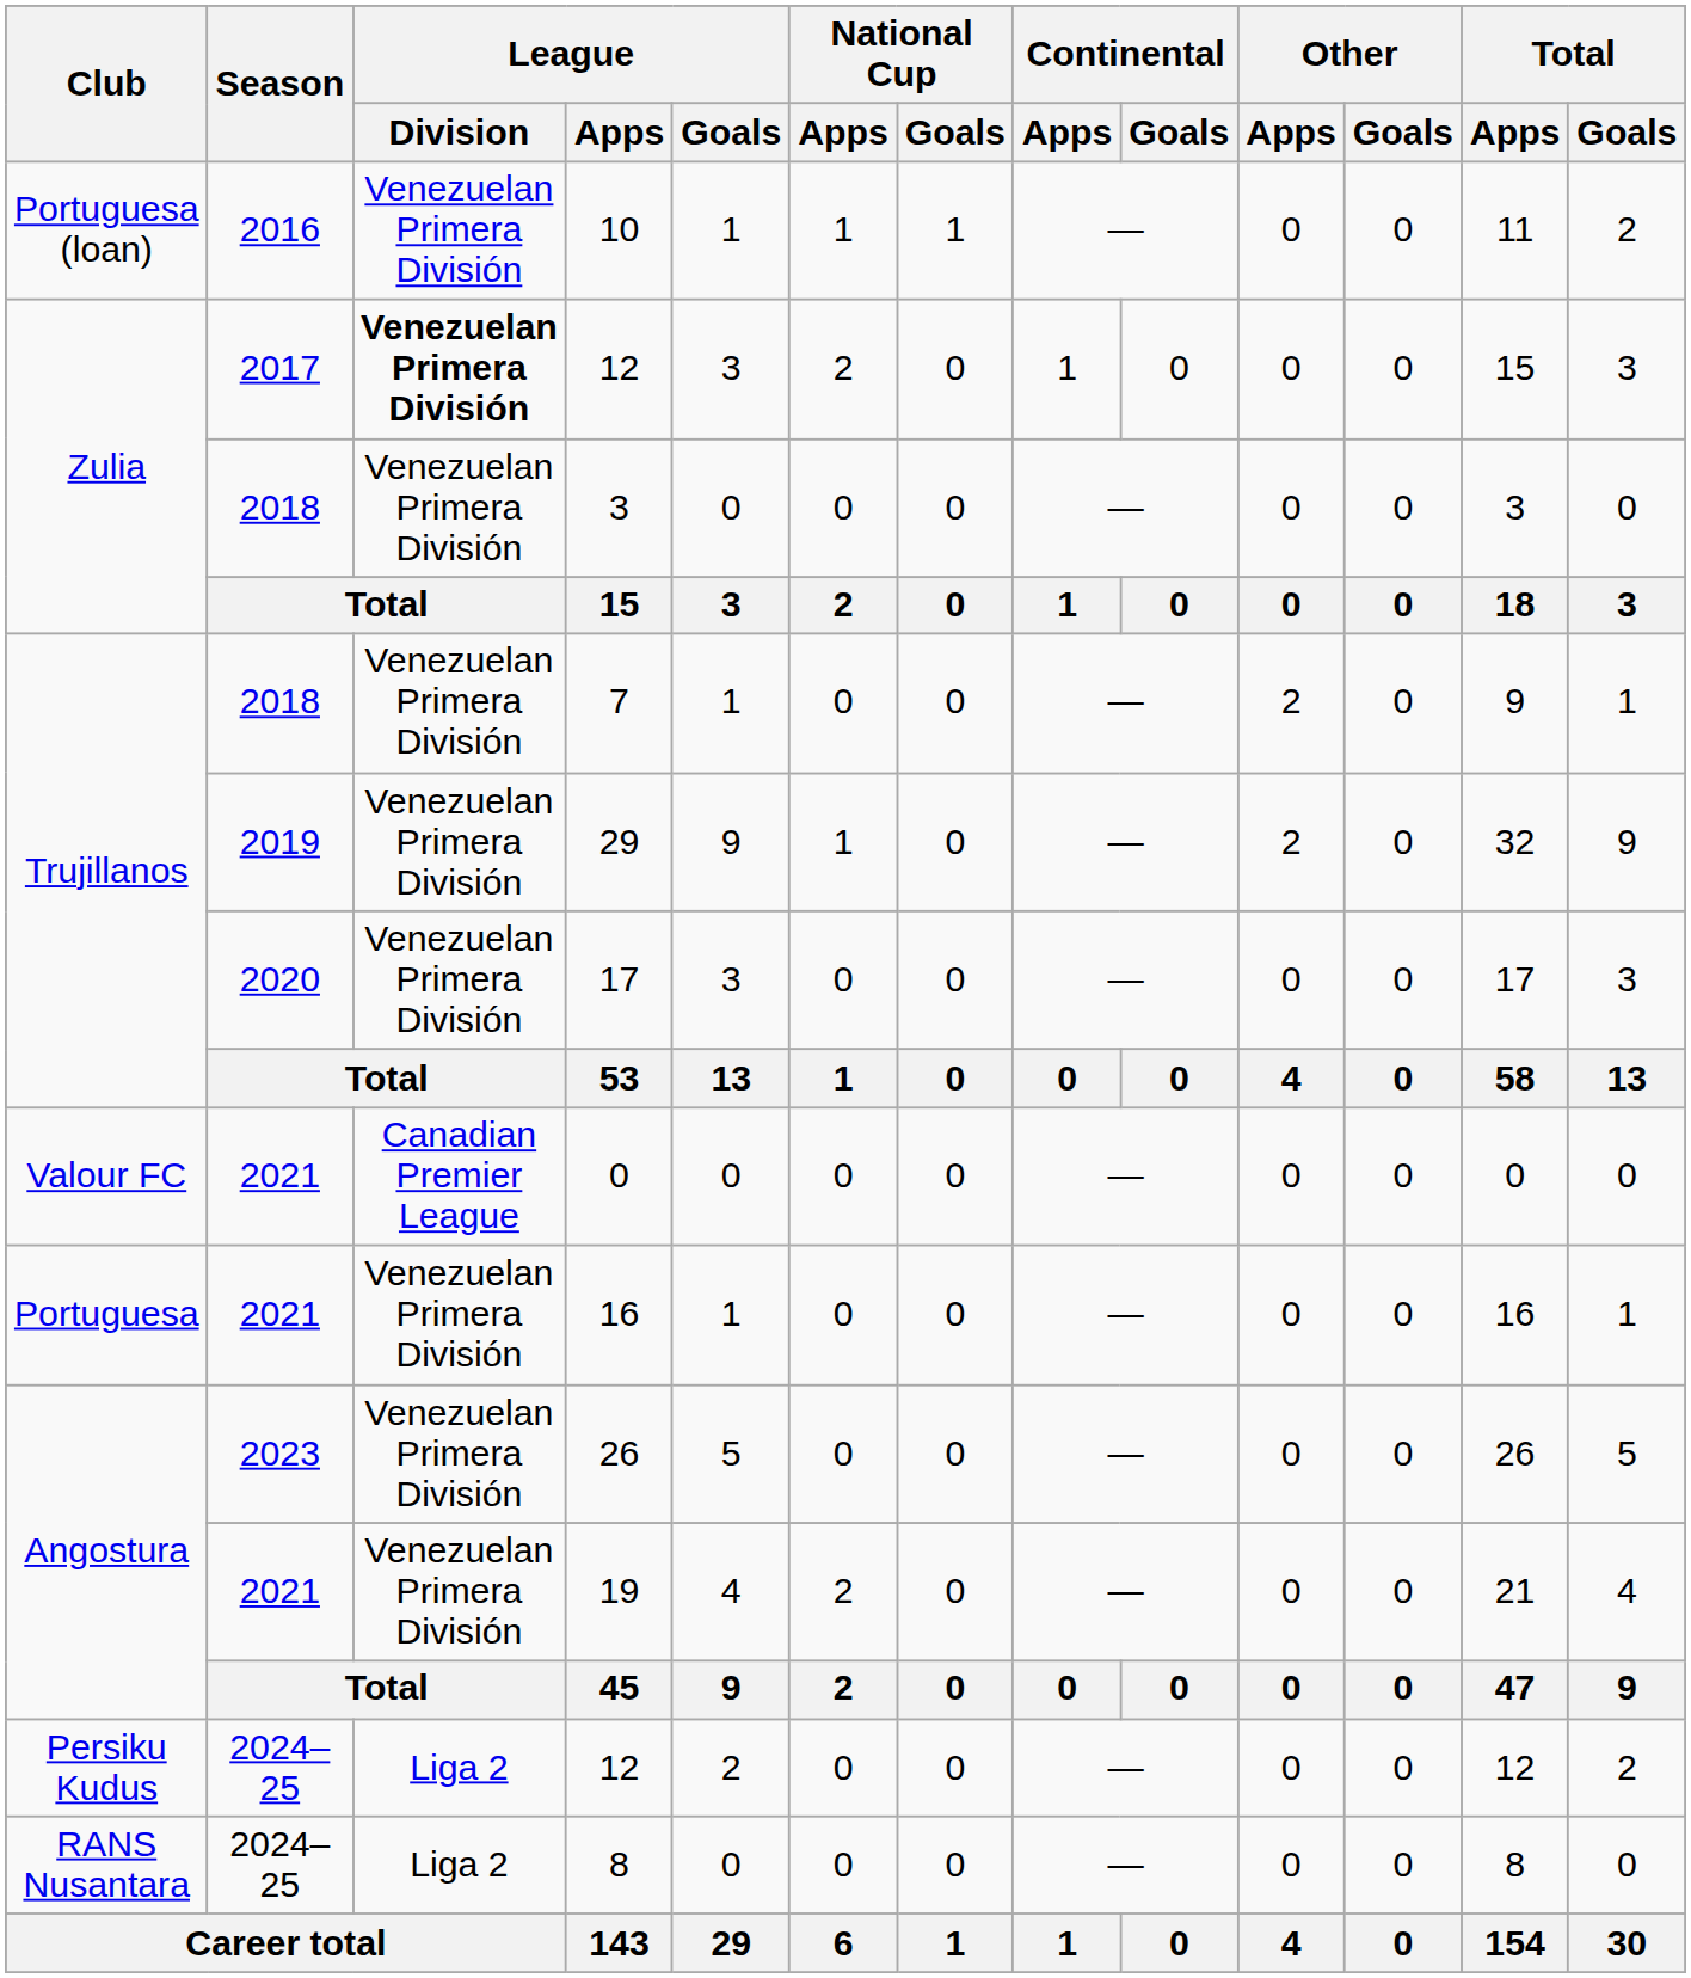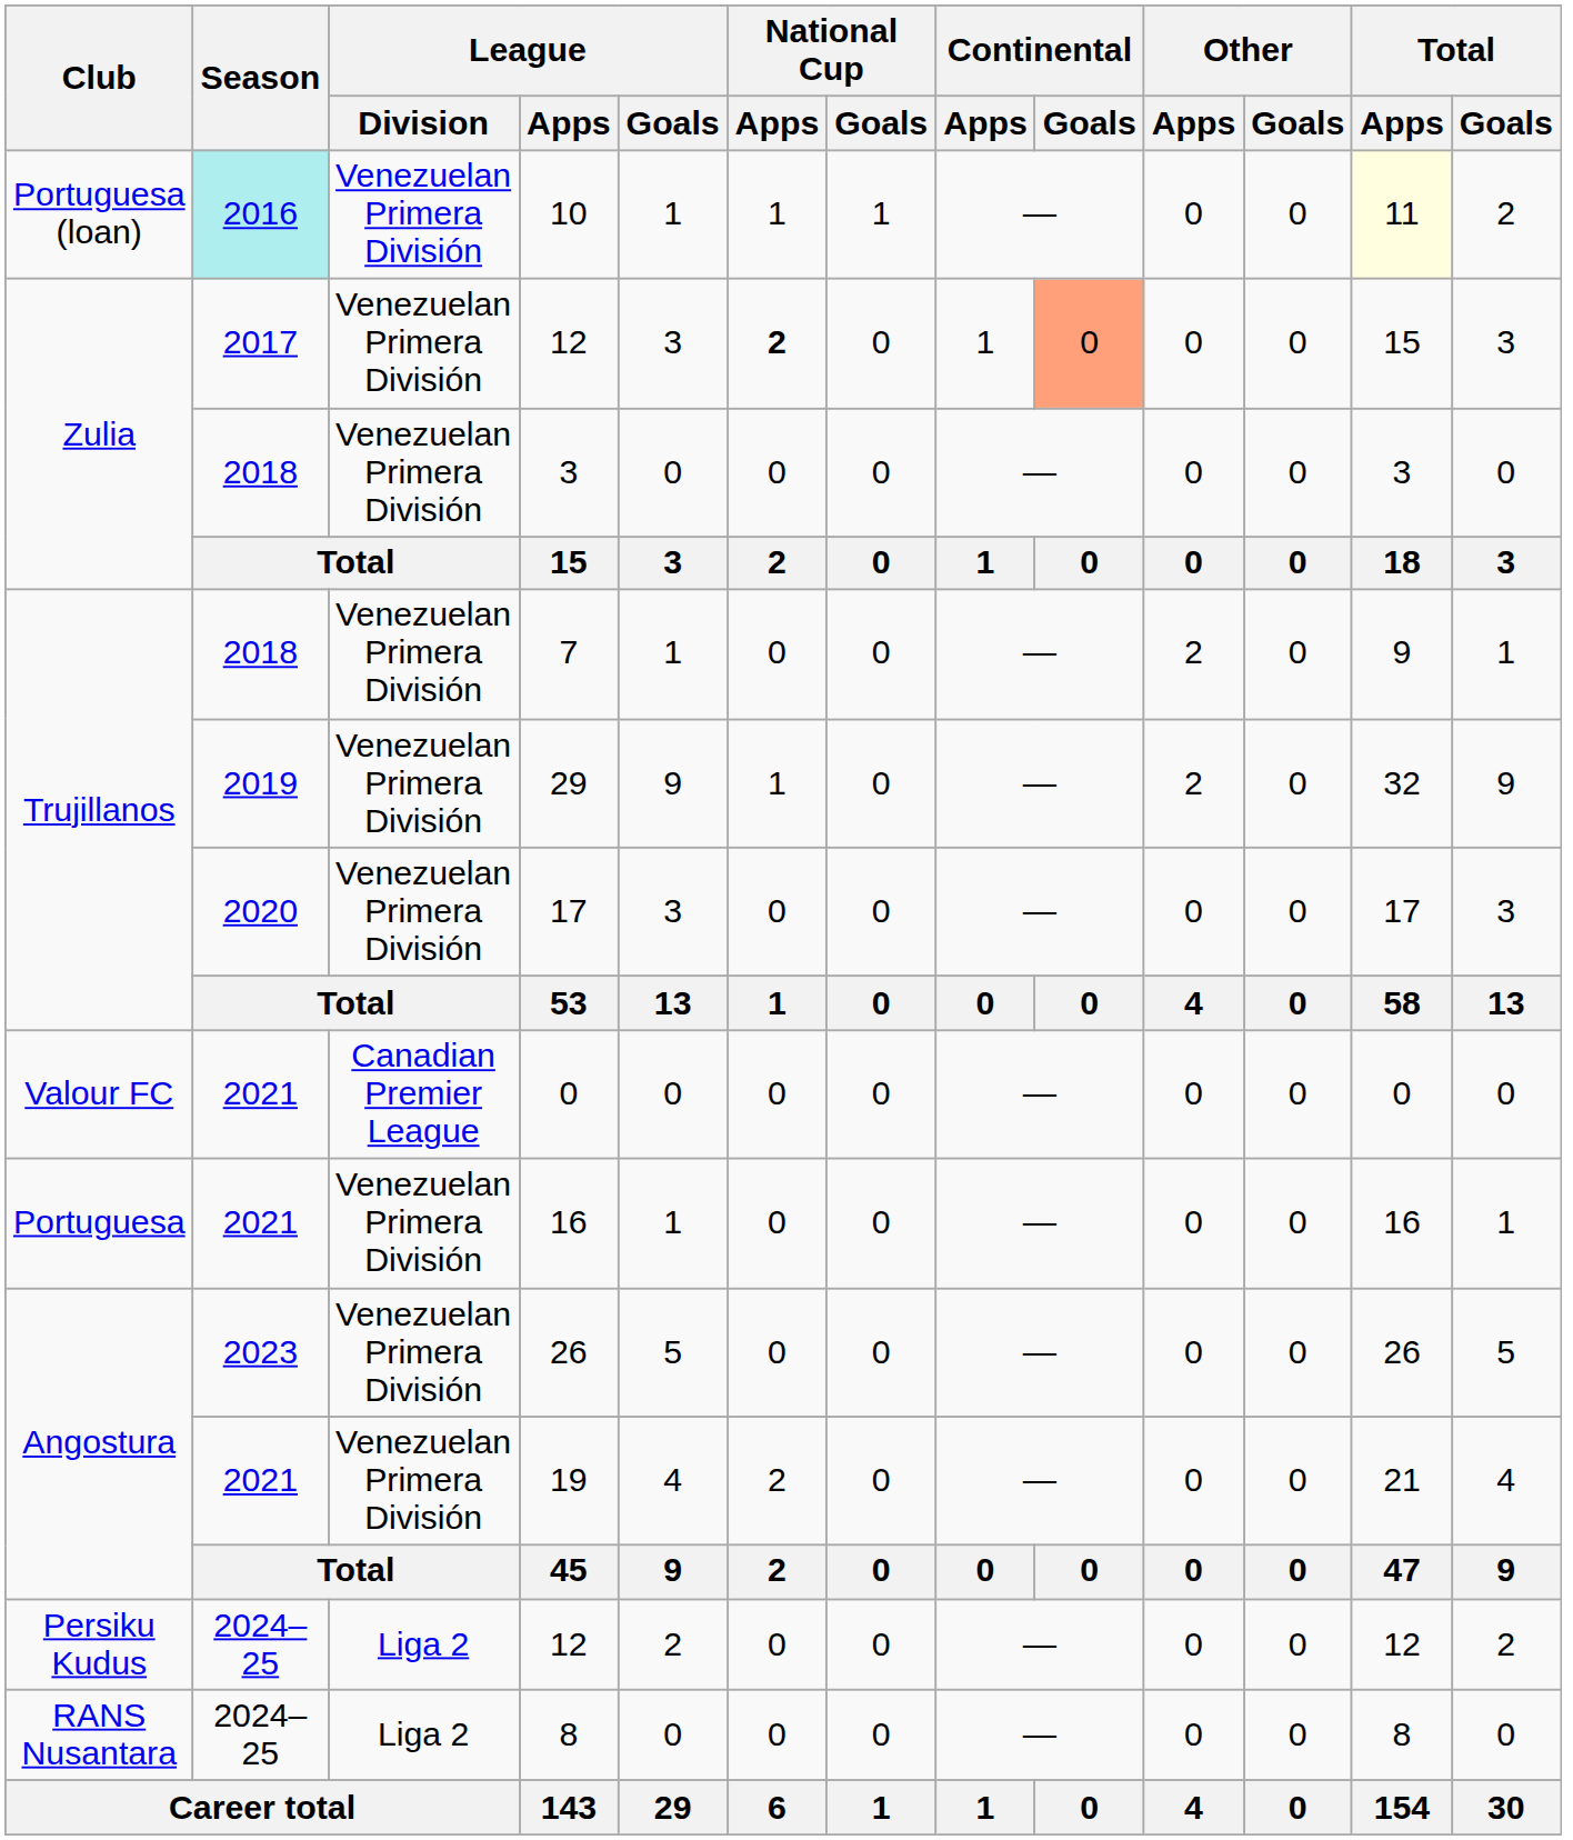 <table class="wikitable" style="text-align:center">
 <tr>
 <th rowspan="2">Club</th>
 <th rowspan="2">Season</th>
 <th colspan="3">League</th>
 <th colspan="2">National Cup</th>
 <th colspan="2">Continental</th>
 <th colspan="2">Other</th>
 <th colspan="2">Total</th>
 </tr>
 <tr>
 <th>Division</th>
 <th>Apps</th>
 <th>Goals</th>
 <th>Apps</th>
 <th>Goals</th>
 <th>Apps</th>
 <th>Goals</th>
 <th>Apps</th>
 <th>Goals</th>
 <th>Apps</th>
 <th>Goals</th>
 </tr>
 <tr>
 <td rowspan="1"><a href='#'>Portuguesa</a> (loan)</td>
-<td><a href='#'>2016</a></td>
+<td style="background: paleturquoise;"><a href='#'>2016</a></td>
 <td><a href='#'>Venezuelan Primera División</a></td>
 <td>10</td>
 <td>1</td>
 <td>1</td>
 <td>1</td>
 <td colspan="2">—</td>
 <td>0</td>
 <td>0</td>
-<td>11</td>
+<td style="background: lightyellow;">11</td>
 <td>2</td>
 </tr>
 <tr>
 <td rowspan="3"><a href='#'>Zulia</a></td>
 <td><a href='#'>2017</a></td>
-<td><strong>Venezuelan Primera División</strong></td>
+<td>Venezuelan Primera División</td>
 <td>12</td>
 <td>3</td>
-<td>2</td>
+<td><strong>2</strong></td>
 <td>0</td>
 <td>1</td>
-<td>0</td>
+<td style="background: lightsalmon;">0</td>
 <td>0</td>
 <td>0</td>
 <td>15</td>
 <td>3</td>
 </tr>
 <tr>
 <td><a href='#'>2018</a></td>
 <td>Venezuelan Primera División</td>
 <td>3</td>
 <td>0</td>
 <td>0</td>
 <td>0</td>
 <td colspan="2">—</td>
 <td>0</td>
 <td>0</td>
 <td>3</td>
 <td>0</td>
 </tr>
 <tr>
 <th colspan="2">Total</th>
 <th>15</th>
 <th>3</th>
 <th>2</th>
 <th>0</th>
 <th>1</th>
 <th>0</th>
 <th>0</th>
 <th>0</th>
 <th>18</th>
 <th>3</th>
 </tr>
 <tr>
 <td rowspan="4"><a href='#'>Trujillanos</a></td>
 <td><a href='#'>2018</a></td>
 <td>Venezuelan Primera División</td>
 <td>7</td>
 <td>1</td>
 <td>0</td>
 <td>0</td>
 <td colspan="2">—</td>
 <td>2</td>
 <td>0</td>
 <td>9</td>
 <td>1</td>
 </tr>
 <tr>
 <td><a href='#'>2019</a></td>
 <td>Venezuelan Primera División</td>
 <td>29</td>
 <td>9</td>
 <td>1</td>
 <td>0</td>
 <td colspan="2">—</td>
 <td>2</td>
 <td>0</td>
 <td>32</td>
 <td>9</td>
 </tr>
 <tr>
 <td><a href='#'>2020</a></td>
 <td>Venezuelan Primera División</td>
 <td>17</td>
 <td>3</td>
 <td>0</td>
 <td>0</td>
 <td colspan="2">—</td>
 <td>0</td>
 <td>0</td>
 <td>17</td>
 <td>3</td>
 </tr>
 <tr>
 <th colspan="2">Total</th>
 <th>53</th>
 <th>13</th>
 <th>1</th>
 <th>0</th>
 <th>0</th>
 <th>0</th>
 <th>4</th>
 <th>0</th>
 <th>58</th>
 <th>13</th>
 </tr>
 <tr>
 <td rowspan="1"><a href='#'>Valour FC</a></td>
 <td><a href='#'>2021</a></td>
 <td><a href='#'>Canadian Premier League</a></td>
 <td>0</td>
 <td>0</td>
 <td>0</td>
 <td>0</td>
 <td colspan="2">—</td>
 <td>0</td>
 <td>0</td>
 <td>0</td>
 <td>0</td>
 </tr>
 <tr>
 <td rowspan="1"><a href='#'>Portuguesa</a></td>
 <td><a href='#'>2021</a></td>
 <td>Venezuelan Primera División</td>
 <td>16</td>
 <td>1</td>
 <td>0</td>
 <td>0</td>
 <td colspan="2">—</td>
 <td>0</td>
 <td>0</td>
 <td>16</td>
 <td>1</td>
 </tr>
 <tr>
 <td rowspan="3"><a href='#'>Angostura</a></td>
 <td><a href='#'>2023</a></td>
 <td>Venezuelan Primera División</td>
 <td>26</td>
 <td>5</td>
 <td>0</td>
 <td>0</td>
 <td colspan="2">—</td>
 <td>0</td>
 <td>0</td>
 <td>26</td>
 <td>5</td>
 </tr>
 <tr>
 <td><a href='#'>2021</a></td>
 <td>Venezuelan Primera División</td>
 <td>19</td>
 <td>4</td>
 <td>2</td>
 <td>0</td>
 <td colspan="2">—</td>
 <td>0</td>
 <td>0</td>
 <td>21</td>
 <td>4</td>
 </tr>
 <tr>
 <th colspan="2">Total</th>
 <th>45</th>
 <th>9</th>
 <th>2</th>
 <th>0</th>
 <th>0</th>
 <th>0</th>
 <th>0</th>
 <th>0</th>
 <th>47</th>
 <th>9</th>
 </tr>
 <tr>
 <td rowspan="1"><a href='#'>Persiku Kudus</a></td>
 <td><a href='#'>2024–25</a></td>
 <td><a href='#'>Liga 2</a></td>
 <td>12</td>
 <td>2</td>
 <td>0</td>
 <td>0</td>
 <td colspan="2">—</td>
 <td>0</td>
 <td>0</td>
 <td>12</td>
 <td>2</td>
 </tr>
 <tr>
 <td rowspan="1"><a href='#'>RANS Nusantara</a></td>
 <td>2024–25</td>
 <td>Liga 2</td>
 <td>8</td>
 <td>0</td>
 <td>0</td>
 <td>0</td>
 <td colspan="2">—</td>
 <td>0</td>
 <td>0</td>
 <td>8</td>
 <td>0</td>
 </tr>
 <tr>
 <th colspan="3">Career total</th>
 <th>143</th>
 <th>29</th>
 <th>6</th>
 <th>1</th>
 <th>1</th>
 <th>0</th>
 <th>4</th>
 <th>0</th>
 <th>154</th>
 <th>30</th>
 </tr>
 </table>
